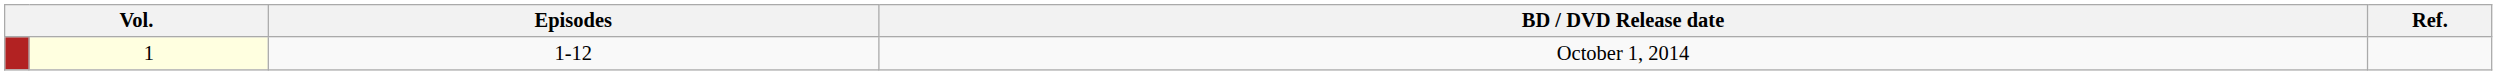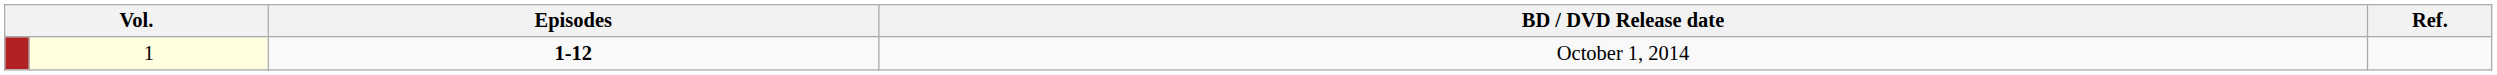 <table class="wikitable" style="text-align: center; width: 98%;">
 <tr>
 <th colspan="2">Vol.</th>
 <th>Episodes</th>
 <th>BD / DVD Release date</th>
 <th width="5%">Ref.</th>
 </tr>
 <tr>
 <td rowspan="10" width="1%" style="background: FireBrick;"></td>
 <td style="background: lightyellow;">1</td>
-<td>1-12</td>
+<td><strong>1-12</strong></td>
 <td>October 1, 2014</td>
 <td></td>
 </tr>
 </table>
